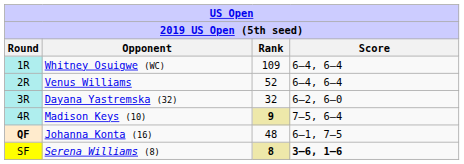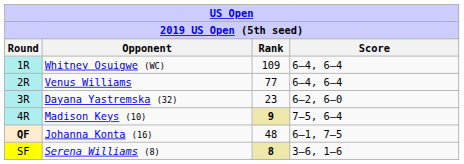 <table class=wikitable style=font-size:97%>
 <tr>
 <th colspan=4 style="background:#ccf;"><a href='#'>US Open</a></th>
 </tr>
 <tr>
 <th colspan=4 style="background:#ccf;"><a href='#'>2019 US Open</a> (5th seed)</th>
 </tr>
 <tr>
 <th width=40>Round</th>
 <th width=250>Opponent</th>
 <th width=40>Rank</th>
 <th width=200>Score</th>
 </tr>
 <tr>
 <td style="text-align:center; background:#afeeee;">1R</td>
 <td> <a href='#'>Whitney Osuigwe</a> <small>(WC)</small></td>
 <td style="text-align:center">109</td>
 <td>6–4, 6–4</td>
 </tr>
 <tr>
 <td style="text-align:center; background:#afeeee;">2R</td>
 <td> <a href='#'>Venus Williams</a></td>
-<td style="text-align:center">52</td>
+<td style="text-align:center">77</td>
 <td>6–4, 6–4</td>
 </tr>
 <tr>
 <td style="text-align:center; background:#afeeee;">3R</td>
 <td> <a href='#'>Dayana Yastremska</a> <small>(32)</small></td>
-<td style="text-align:center">32</td>
+<td style="text-align:center">23</td>
 <td>6–2, 6–0</td>
 </tr>
 <tr>
 <td style="text-align:center; background:#afeeee;">4R</td>
 <td> <a href='#'>Madison Keys</a> <small>(10)</small></td>
 <td style="text-align:center; background:#eee8aa;"><strong>9</strong></td>
 <td>7–5, 6–4</td>
 </tr>
 <tr>
 <td style="text-align:center; background:#ffebcd;"><strong>QF</strong></td>
 <td> <a href='#'>Johanna Konta</a> <small>(16)</small></td>
 <td style="text-align:center">48</td>
 <td>6–1, 7–5</td>
 </tr>
 <tr>
 <td style="text-align:center; background:yellow;">SF</td>
 <td> <em><a href='#'>Serena Williams</a></em> <small>(8)</small></td>
 <td style="text-align:center; background:#eee8aa;"><strong>8</strong></td>
-<td><strong>3–6, 1–6</strong></td>
+<td>3–6, 1–6</td>
 </tr>
 </table>
